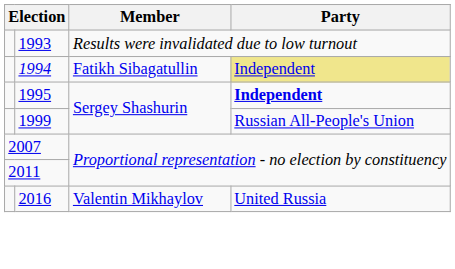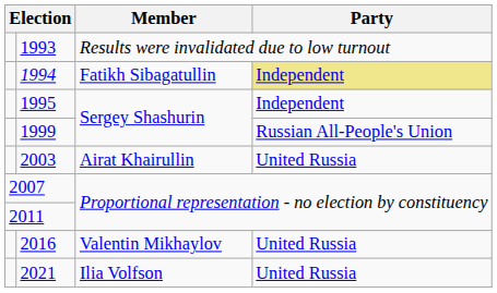 <table class="wikitable">
 <tr>
 <th colspan="2">Election</th>
 <th>Member</th>
 <th>Party</th>
 </tr>
 <tr>
 <td style="background-color:"></td>
 <td><a href='#'>1993</a></td>
 <td colspan=2><em>Results were invalidated due to low turnout</em></td>
 </tr>
 <tr>
 <td style="background-color:"></td>
 <td><em><a href='#'>1994</a></em></td>
 <td><a href='#'>Fatikh Sibagatullin</a></td>
 <td style="background: khaki;"><a href='#'>Independent</a></td>
 </tr>
 <tr>
 <td style="background-color:"></td>
 <td><a href='#'>1995</a></td>
 <td rowspan=2><a href='#'>Sergey Shashurin</a></td>
-<td><strong><a href='#'>Independent</a></strong></td>
+<td><a href='#'>Independent</a></td>
 </tr>
 <tr>
 <td style="background-color:"></td>
 <td><a href='#'>1999</a></td>
 <td><a href='#'>Russian All-People's Union</a></td>
+</tr>
+<tr>
+<td style="background-color:"></td>
+<td><a href='#'>2003</a></td>
+<td><a href='#'>Airat Khairullin</a></td>
+<td><a href='#'>United Russia</a></td>
 </tr>
 <tr>
 <td colspan=2><a href='#'>2007</a></td>
 <td colspan=2 rowspan=2><em><a href='#'>Proportional representation</a> - no election by constituency</em></td>
 </tr>
 <tr>
 <td colspan=2><a href='#'>2011</a></td>
 </tr>
 <tr>
 <td style="background-color: "></td>
 <td><a href='#'>2016</a></td>
 <td><a href='#'>Valentin Mikhaylov</a></td>
 <td><a href='#'>United Russia</a></td>
 </tr>
+<tr>
+<td style="background-color: "></td>
+<td><a href='#'>2021</a></td>
+<td><a href='#'>Ilia Volfson</a></td>
+<td><a href='#'>United Russia</a></td>
+</tr>
 </table>
